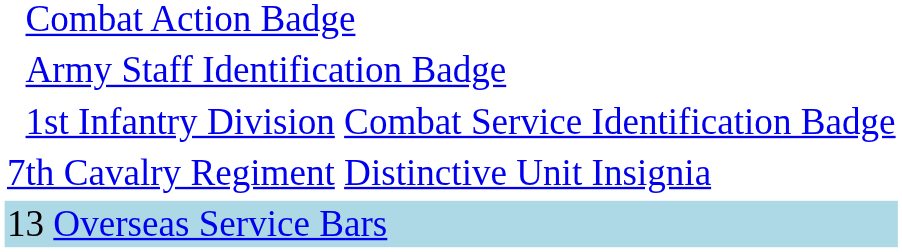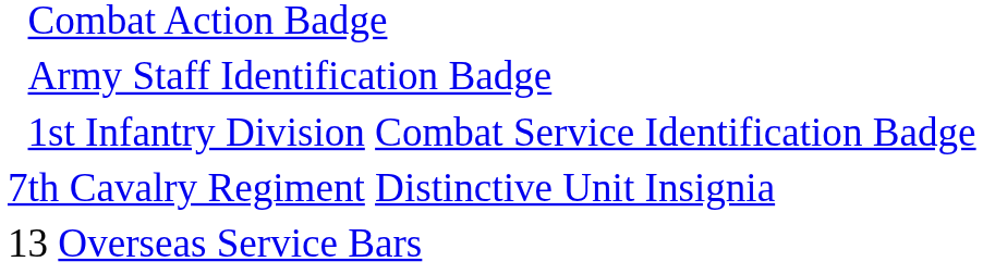 <table>
 <tr>
 <td>  <a href='#'>Combat Action Badge</a></td>
 </tr>
 <tr>
 <td>  <a href='#'>Army Staff Identification Badge</a></td>
 </tr>
 <tr>
 <td>  <a href='#'>1st Infantry Division</a> <a href='#'>Combat Service Identification Badge</a></td>
 </tr>
 <tr>
 <td> <a href='#'>7th Cavalry Regiment</a> <a href='#'>Distinctive Unit Insignia</a></td>
 </tr>
 <tr>
-<td style="background: lightblue;"> 13 <a href='#'>Overseas Service Bars</a></td>
+<td> 13 <a href='#'>Overseas Service Bars</a></td>
 </tr>
 </table>
